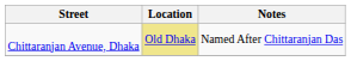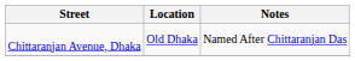 <table class="wikitable">
 <tr>
 <th>Street</th>
 <th>Location</th>
 <th>Notes</th>
 </tr>
 <tr>
 <td><br><a href='#'>Chittaranjan Avenue, Dhaka</a></td>
-<td style="background: khaki;"><a href='#'>Old Dhaka</a></td>
+<td><a href='#'>Old Dhaka</a></td>
 <td>Named After <a href='#'>Chittaranjan Das</a></td>
 </tr>
 <tr>
 </tr>
 </table>
